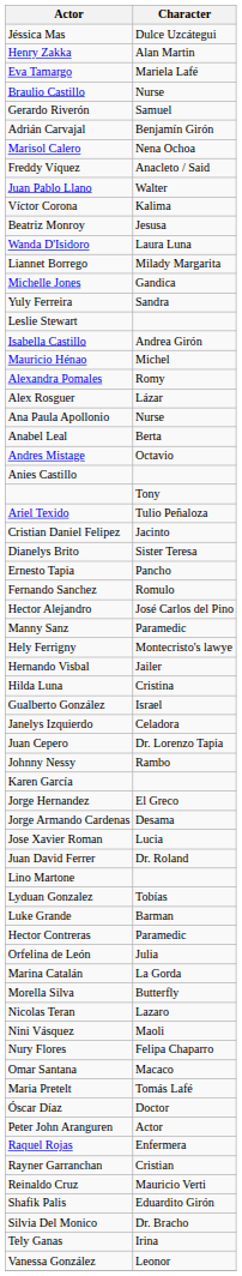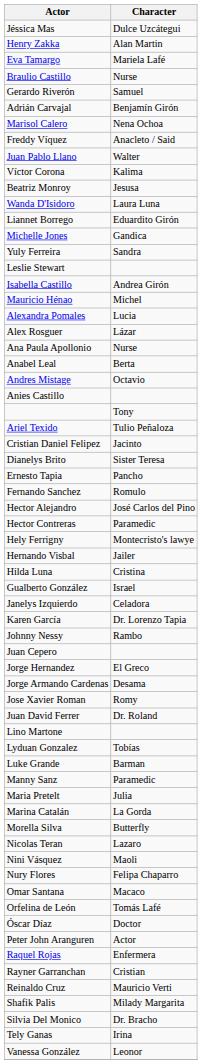 <table class="wikitable">
 <tr>
 <th>Actor</th>
 <th>Character</th>
 </tr>
 <tr>
 <td>Jéssica Mas</td>
 <td>Dulce Uzcátegui</td>
 </tr>
 <tr>
 <td><a href='#'>Henry Zakka</a></td>
 <td>Alan Martin</td>
 </tr>
 <tr>
 <td><a href='#'>Eva Tamargo</a></td>
 <td>Mariela Lafé</td>
 </tr>
 <tr>
 <td><a href='#'>Braulio Castillo</a></td>
 <td>Nurse</td>
 </tr>
 <tr>
 <td>Gerardo Riverón</td>
 <td>Samuel</td>
 </tr>
 <tr>
 <td>Adrián Carvajal</td>
 <td>Benjamín Girón</td>
 </tr>
 <tr>
 <td><a href='#'>Marisol Calero</a></td>
 <td>Nena Ochoa</td>
 </tr>
 <tr>
 <td>Freddy Víquez</td>
 <td>Anacleto / Said</td>
 </tr>
 <tr>
 <td><a href='#'>Juan Pablo Llano</a></td>
 <td>Walter</td>
 </tr>
 <tr>
 <td>Víctor Corona</td>
 <td>Kalima</td>
 </tr>
 <tr>
 <td>Beatriz Monroy</td>
 <td>Jesusa</td>
 </tr>
 <tr>
 <td><a href='#'>Wanda D'Isidoro</a></td>
 <td>Laura Luna</td>
 </tr>
 <tr>
 <td>Liannet Borrego</td>
-<td>Milady Margarita</td>
+<td>Eduardito Girón</td>
 </tr>
 <tr>
 <td><a href='#'>Michelle Jones</a></td>
 <td>Gandica</td>
 </tr>
 <tr>
 <td>Yuly Ferreira</td>
 <td>Sandra</td>
 </tr>
 <tr>
 <td>Leslie Stewart</td>
 <td></td>
 </tr>
 <tr>
 <td><a href='#'>Isabella Castillo</a></td>
 <td>Andrea Girón</td>
 </tr>
 <tr>
 <td><a href='#'>Mauricio Hénao</a></td>
 <td>Michel</td>
 </tr>
 <tr>
 <td><a href='#'>Alexandra Pomales</a></td>
-<td>Romy</td>
+<td>Lucia</td>
 </tr>
 <tr>
 <td>Alex Rosguer</td>
 <td>Lázar</td>
 </tr>
 <tr>
 <td>Ana Paula Apollonio</td>
 <td>Nurse</td>
 </tr>
 <tr>
 <td>Anabel Leal</td>
 <td>Berta</td>
 </tr>
 <tr>
 <td><a href='#'>Andres Mistage</a></td>
 <td>Octavio</td>
 </tr>
 <tr>
 <td>Anies Castillo</td>
 <td></td>
 </tr>
 <tr>
 <td></td>
 <td>Tony</td>
 </tr>
 <tr>
 <td><a href='#'>Ariel Texido</a></td>
 <td>Tulio Peñaloza</td>
 </tr>
 <tr>
 <td>Cristian Daniel Felipez</td>
 <td>Jacinto</td>
 </tr>
 <tr>
 <td>Dianelys Brito</td>
 <td>Sister Teresa</td>
 </tr>
 <tr>
 <td>Ernesto Tapia</td>
 <td>Pancho</td>
 </tr>
 <tr>
 <td>Fernando Sanchez</td>
 <td>Romulo</td>
 </tr>
 <tr>
 <td>Hector Alejandro</td>
 <td>José Carlos del Pino</td>
 </tr>
 <tr>
-<td>Manny Sanz</td>
+<td>Hector Contreras</td>
 <td>Paramedic</td>
 </tr>
 <tr>
 <td>Hely Ferrigny</td>
 <td>Montecristo's lawye</td>
 </tr>
 <tr>
 <td>Hernando Visbal</td>
 <td>Jailer</td>
 </tr>
 <tr>
 <td>Hilda Luna</td>
 <td>Cristina</td>
 </tr>
 <tr>
 <td>Gualberto González</td>
 <td>Israel</td>
 </tr>
 <tr>
 <td>Janelys Izquierdo</td>
 <td>Celadora</td>
 </tr>
 <tr>
-<td>Juan Cepero</td>
+<td>Karen García</td>
 <td>Dr. Lorenzo Tapia</td>
 </tr>
 <tr>
 <td>Johnny Nessy</td>
 <td>Rambo</td>
 </tr>
 <tr>
-<td>Karen García</td>
+<td>Juan Cepero</td>
 <td></td>
 </tr>
 <tr>
 <td>Jorge Hernandez</td>
 <td>El Greco</td>
 </tr>
 <tr>
 <td>Jorge Armando Cardenas</td>
 <td>Desama</td>
 </tr>
 <tr>
 <td>Jose Xavier Roman</td>
-<td>Lucia</td>
+<td>Romy</td>
 </tr>
 <tr>
 <td>Juan David Ferrer</td>
 <td>Dr. Roland</td>
 </tr>
 <tr>
 <td>Lino Martone</td>
 <td></td>
 </tr>
 <tr>
 <td>Lyduan Gonzalez</td>
 <td>Tobías</td>
 </tr>
 <tr>
 <td>Luke Grande</td>
 <td>Barman</td>
 </tr>
 <tr>
-<td>Hector Contreras</td>
+<td>Manny Sanz</td>
 <td>Paramedic</td>
 </tr>
 <tr>
-<td>Orfelina de León</td>
+<td>Maria Pretelt</td>
 <td>Julia</td>
 </tr>
 <tr>
 <td>Marina Catalán</td>
 <td>La Gorda</td>
 </tr>
 <tr>
 <td>Morella Silva</td>
 <td>Butterfly</td>
 </tr>
 <tr>
 <td>Nicolas Teran</td>
 <td>Lazaro</td>
 </tr>
 <tr>
 <td>Nini Vásquez</td>
 <td>Maoli</td>
 </tr>
 <tr>
 <td>Nury Flores</td>
 <td>Felipa Chaparro</td>
 </tr>
 <tr>
 <td>Omar Santana</td>
 <td>Macaco</td>
 </tr>
 <tr>
-<td>Maria Pretelt</td>
+<td>Orfelina de León</td>
 <td>Tomás Lafé</td>
 </tr>
 <tr>
 <td>Óscar Díaz</td>
 <td>Doctor</td>
 </tr>
 <tr>
 <td>Peter John Aranguren</td>
 <td>Actor</td>
 </tr>
 <tr>
 <td><a href='#'>Raquel Rojas</a></td>
 <td>Enfermera</td>
 </tr>
 <tr>
 <td>Rayner Garranchan</td>
 <td>Cristian</td>
 </tr>
 <tr>
 <td>Reinaldo Cruz</td>
 <td>Mauricio Verti</td>
 </tr>
 <tr>
 <td>Shafik Palis</td>
-<td>Eduardito Girón</td>
+<td>Milady Margarita</td>
 </tr>
 <tr>
 <td>Silvia Del Monico</td>
 <td>Dr. Bracho</td>
 </tr>
 <tr>
 <td>Tely Ganas</td>
 <td>Irina</td>
 </tr>
 <tr>
 <td>Vanessa González</td>
 <td>Leonor</td>
 </tr>
 <tr>
 </tr>
 </table>
